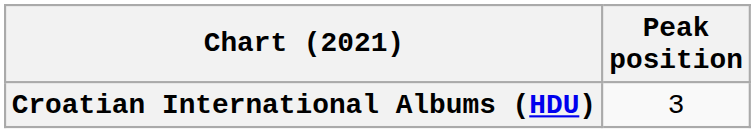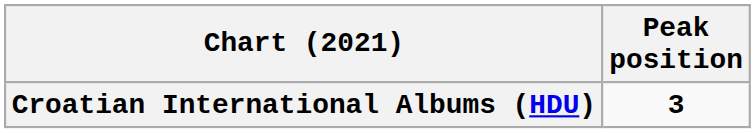 <table class="wikitable plainrowheaders sortable">
 <tr>
 <th scope="col">Chart (2021)</th>
 <th scope="col">Peak<br>position</th>
 </tr>
 <tr>
 <th scope="row">Croatian International Albums (<a href='#'>HDU</a>)</th>
-<td style="text-align:center;">3</td>
+<td style="text-align:center;"><strong>3</strong></td>
 </tr>
 </table>
